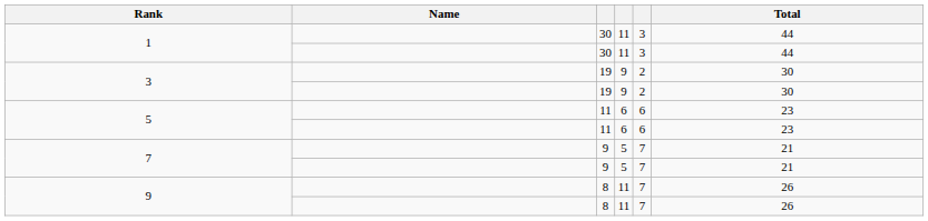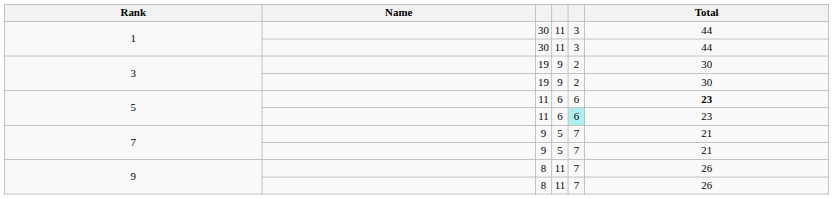 <table class="wikitable" width=96% style="text-align:center">
 <tr>
 <th>Rank</th>
 <th>Name</th>
 <th style="width:2%;" bgcolor=gold></th>
 <th style="width:2%;" bgcolor=silver></th>
 <th style="width:2%;" bgcolor=cc9966></th>
 <th>Total</th>
 </tr>
 <tr>
 <td rowspan=2>1</td>
 <td align=left></td>
 <td>30</td>
 <td>11</td>
 <td>3</td>
 <td>44</td>
 </tr>
 <tr>
 <td align=left></td>
 <td>30</td>
 <td>11</td>
 <td>3</td>
 <td>44</td>
 </tr>
 <tr>
 <td rowspan=2>3</td>
 <td align=left></td>
 <td>19</td>
 <td>9</td>
 <td>2</td>
 <td>30</td>
 </tr>
 <tr>
 <td align=left></td>
 <td>19</td>
 <td>9</td>
 <td>2</td>
 <td>30</td>
 </tr>
 <tr>
 <td rowspan=2>5</td>
 <td align=left></td>
 <td>11</td>
 <td>6</td>
 <td>6</td>
-<td>23</td>
+<td><strong>23</strong></td>
 </tr>
 <tr>
 <td align=left></td>
 <td>11</td>
 <td>6</td>
-<td>6</td>
+<td style="background: paleturquoise;">6</td>
 <td>23</td>
 </tr>
 <tr>
 <td rowspan=2>7</td>
 <td align=left></td>
 <td>9</td>
 <td>5</td>
 <td>7</td>
 <td>21</td>
 </tr>
 <tr>
 <td align=left></td>
 <td>9</td>
 <td>5</td>
 <td>7</td>
 <td>21</td>
 </tr>
 <tr>
 <td rowspan=2>9</td>
 <td align=left></td>
 <td>8</td>
 <td>11</td>
 <td>7</td>
 <td>26</td>
 </tr>
 <tr>
 <td align=left></td>
 <td>8</td>
 <td>11</td>
 <td>7</td>
 <td>26</td>
 </tr>
 </table>
